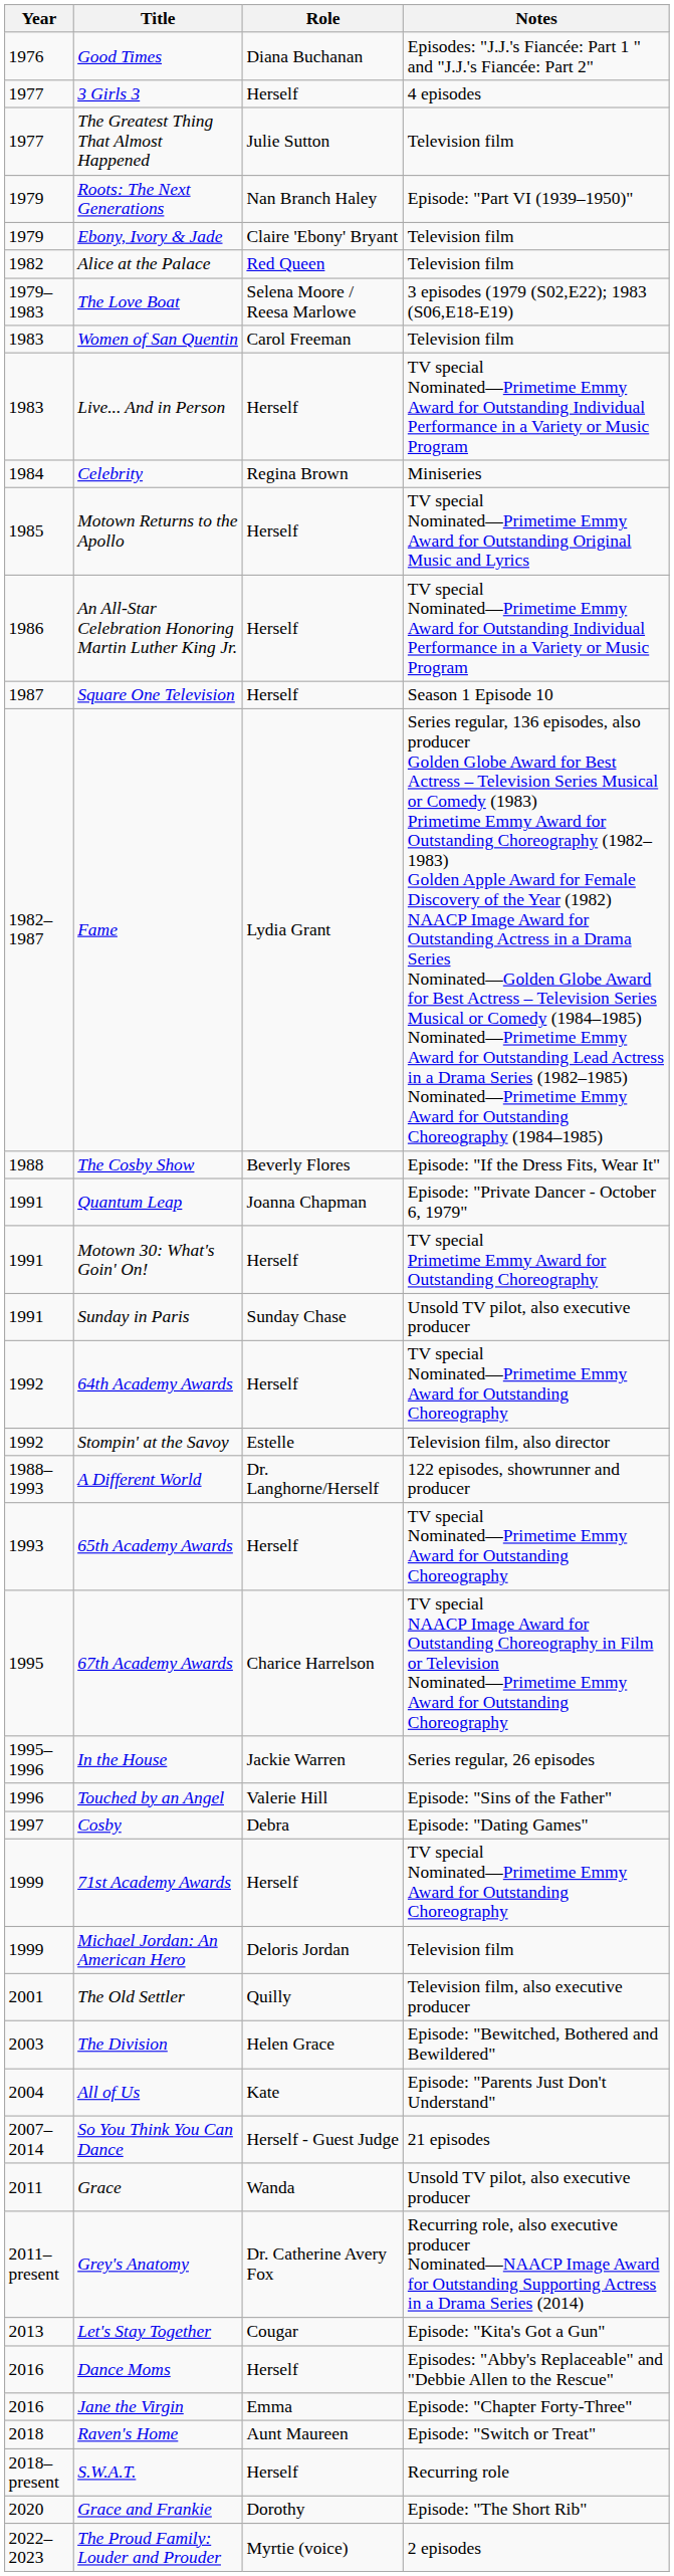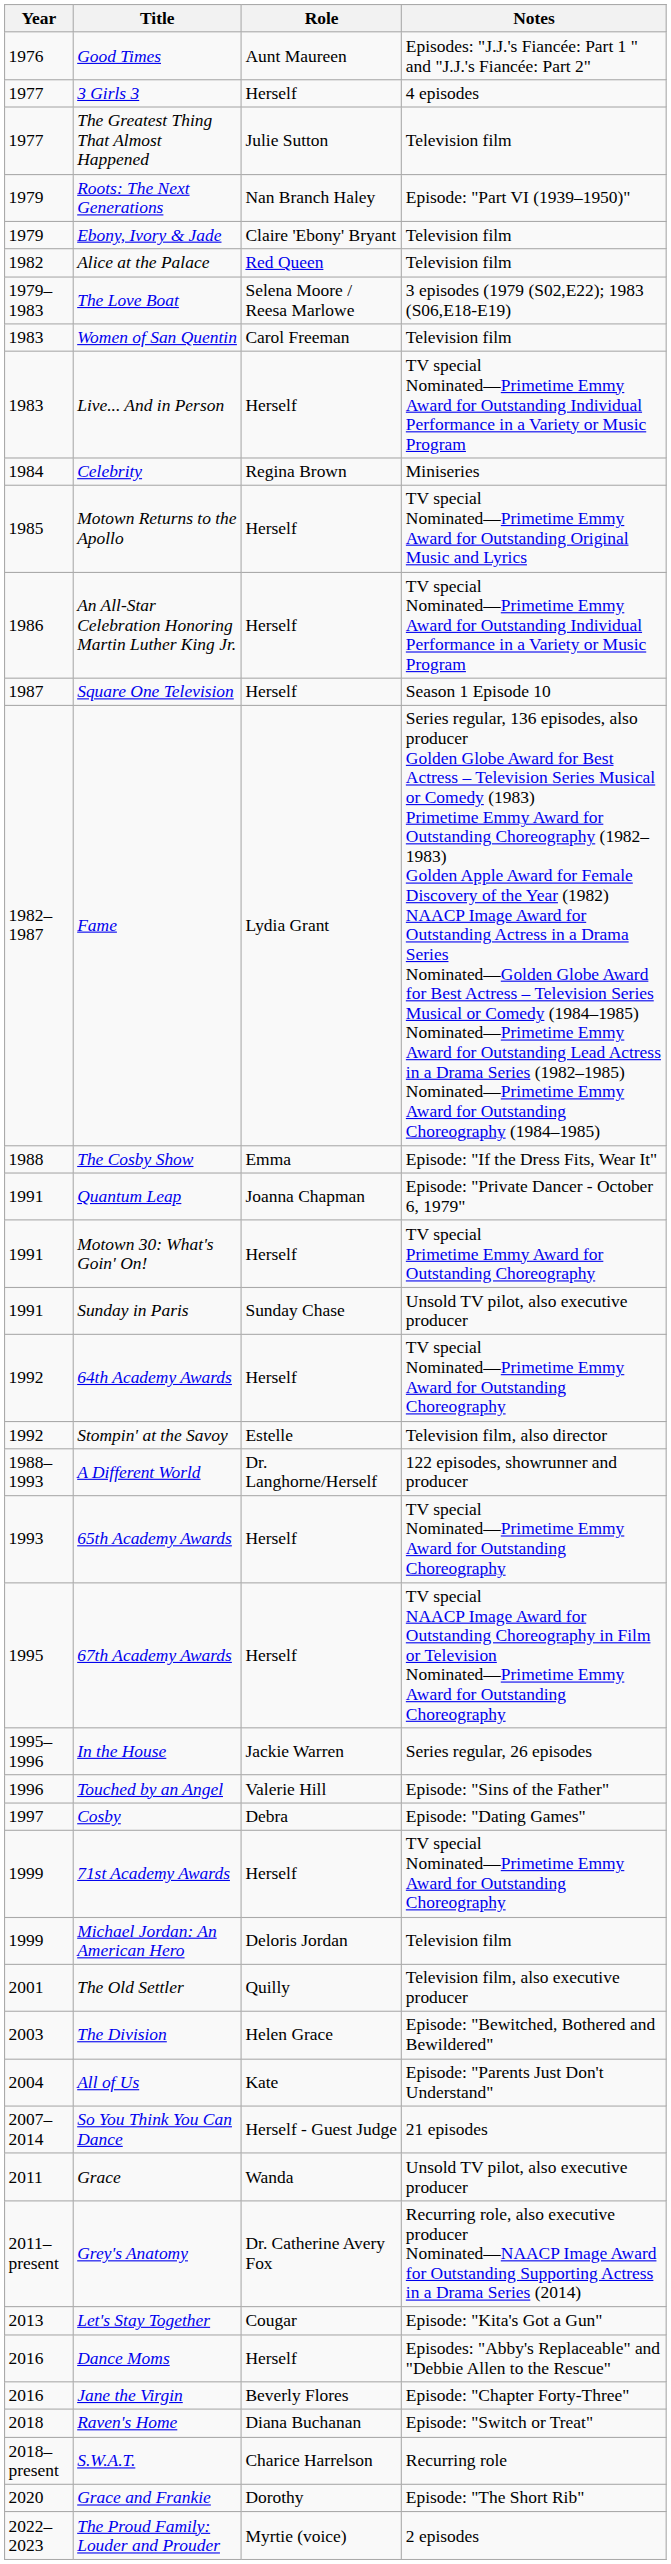 <table class="wikitable sortable">
 <tr>
 <th>Year</th>
 <th>Title</th>
 <th>Role</th>
 <th>Notes</th>
 </tr>
 <tr>
 <td>1976</td>
 <td><em><a href='#'>Good Times</a></em></td>
-<td>Diana Buchanan</td>
+<td>Aunt Maureen</td>
 <td>Episodes: "J.J.'s Fiancée: Part 1 " and "J.J.'s Fiancée: Part 2"</td>
 </tr>
 <tr>
 <td>1977</td>
 <td><em><a href='#'>3 Girls 3</a></em></td>
 <td>Herself</td>
 <td>4 episodes</td>
 </tr>
 <tr>
 <td>1977</td>
 <td><em>The Greatest Thing That Almost Happened</em></td>
 <td>Julie Sutton</td>
 <td>Television film</td>
 </tr>
 <tr>
 <td>1979</td>
 <td><em><a href='#'>Roots: The Next Generations</a></em></td>
 <td>Nan Branch Haley</td>
 <td>Episode: "Part VI (1939–1950)"</td>
 </tr>
 <tr>
 <td>1979</td>
 <td><em><a href='#'>Ebony, Ivory & Jade</a></em></td>
 <td>Claire 'Ebony' Bryant</td>
 <td>Television film</td>
 </tr>
 <tr>
 <td>1982</td>
 <td><em>Alice at the Palace</em></td>
 <td><a href='#'>Red Queen</a></td>
 <td>Television film</td>
 </tr>
 <tr>
 <td>1979–1983</td>
 <td><em><a href='#'>The Love Boat</a></em></td>
 <td>Selena Moore / Reesa Marlowe</td>
 <td>3 episodes (1979 (S02,E22); 1983 (S06,E18-E19)</td>
 </tr>
 <tr>
 <td>1983</td>
 <td><em><a href='#'>Women of San Quentin</a></em></td>
 <td>Carol Freeman</td>
 <td>Television film</td>
 </tr>
 <tr>
 <td>1983</td>
 <td><em>Live... And in Person </em></td>
 <td>Herself</td>
 <td>TV special<br>Nominated—<a href='#'>Primetime Emmy Award for Outstanding Individual Performance in a Variety or Music Program</a></td>
 </tr>
 <tr>
 <td>1984</td>
 <td><em><a href='#'>Celebrity</a></em></td>
 <td>Regina Brown</td>
 <td>Miniseries</td>
 </tr>
 <tr>
 <td>1985</td>
 <td><em>Motown Returns to the Apollo</em></td>
 <td>Herself</td>
 <td>TV special<br>Nominated—<a href='#'>Primetime Emmy Award for Outstanding Original Music and Lyrics</a></td>
 </tr>
 <tr>
 <td>1986</td>
 <td><em>An All-Star Celebration Honoring Martin Luther King Jr.</em></td>
 <td>Herself</td>
 <td>TV special<br>Nominated—<a href='#'>Primetime Emmy Award for Outstanding Individual Performance in a Variety or Music Program</a></td>
 </tr>
 <tr>
 <td>1987</td>
 <td><em><a href='#'>Square One Television</a></em></td>
 <td>Herself</td>
 <td>Season 1 Episode 10</td>
 </tr>
 <tr>
 <td>1982–1987</td>
 <td><em><a href='#'>Fame</a></em></td>
 <td>Lydia Grant</td>
 <td>Series regular, 136 episodes, also producer<br><a href='#'>Golden Globe Award for Best Actress – Television Series Musical or Comedy</a> (1983)<br><a href='#'>Primetime Emmy Award for Outstanding Choreography</a> (1982–1983)<br><a href='#'>Golden Apple Award for Female Discovery of the Year</a> (1982)<br><a href='#'>NAACP Image Award for Outstanding Actress in a Drama Series</a><br>Nominated—<a href='#'>Golden Globe Award for Best Actress – Television Series Musical or Comedy</a> (1984–1985)<br>Nominated—<a href='#'>Primetime Emmy Award for Outstanding Lead Actress in a Drama Series</a> (1982–1985)<br>Nominated—<a href='#'>Primetime Emmy Award for Outstanding Choreography</a> (1984–1985)</td>
 </tr>
 <tr>
 <td>1988</td>
 <td><em><a href='#'>The Cosby Show</a> </em></td>
-<td>Beverly Flores</td>
+<td>Emma</td>
 <td>Episode: "If the Dress Fits, Wear It"</td>
 </tr>
 <tr>
 <td>1991</td>
 <td><em><a href='#'>Quantum Leap</a></em></td>
 <td>Joanna Chapman</td>
 <td>Episode: "Private Dancer - October 6, 1979"</td>
 </tr>
 <tr>
 <td>1991</td>
 <td><em>Motown 30: What's Goin' On!</em></td>
 <td>Herself</td>
 <td>TV special<br><a href='#'>Primetime Emmy Award for Outstanding Choreography</a></td>
 </tr>
 <tr>
 <td>1991</td>
 <td><em>Sunday in Paris</em></td>
 <td>Sunday Chase</td>
 <td>Unsold TV pilot, also executive producer</td>
 </tr>
 <tr>
 <td>1992</td>
 <td><em><a href='#'>64th Academy Awards</a></em></td>
 <td>Herself</td>
 <td>TV special<br>Nominated—<a href='#'>Primetime Emmy Award for Outstanding Choreography</a></td>
 </tr>
 <tr>
 <td>1992</td>
 <td><em>Stompin' at the Savoy</em></td>
 <td>Estelle</td>
 <td>Television film, also director</td>
 </tr>
 <tr>
 <td>1988–1993</td>
 <td><em><a href='#'>A Different World</a></em></td>
 <td>Dr. Langhorne/Herself</td>
 <td>122 episodes, showrunner and producer</td>
 </tr>
 <tr>
 <td>1993</td>
 <td><em><a href='#'>65th Academy Awards</a></em></td>
 <td>Herself</td>
 <td>TV special<br>Nominated—<a href='#'>Primetime Emmy Award for Outstanding Choreography</a></td>
 </tr>
 <tr>
 <td>1995</td>
 <td><em><a href='#'>67th Academy Awards</a></em></td>
-<td>Charice Harrelson</td>
+<td>Herself</td>
 <td>TV special<br><a href='#'>NAACP Image Award for Outstanding Choreography in Film or Television</a><br>Nominated—<a href='#'>Primetime Emmy Award for Outstanding Choreography</a></td>
 </tr>
 <tr>
 <td>1995–1996</td>
 <td><em><a href='#'>In the House</a></em></td>
 <td>Jackie Warren</td>
 <td>Series regular, 26 episodes</td>
 </tr>
 <tr>
 <td>1996</td>
 <td><em><a href='#'>Touched by an Angel</a></em></td>
 <td>Valerie Hill</td>
 <td>Episode: "Sins of the Father"</td>
 </tr>
 <tr>
 <td>1997</td>
 <td><em><a href='#'>Cosby</a></em></td>
 <td>Debra</td>
 <td>Episode: "Dating Games"</td>
 </tr>
 <tr>
 <td>1999</td>
 <td><em><a href='#'>71st Academy Awards</a></em></td>
 <td>Herself</td>
 <td>TV special<br>Nominated—<a href='#'>Primetime Emmy Award for Outstanding Choreography</a></td>
 </tr>
 <tr>
 <td>1999</td>
 <td><em><a href='#'>Michael Jordan: An American Hero</a></em></td>
 <td>Deloris Jordan</td>
 <td>Television film</td>
 </tr>
 <tr>
 <td>2001</td>
 <td><em>The Old Settler</em></td>
 <td>Quilly</td>
 <td>Television film, also executive producer</td>
 </tr>
 <tr>
 <td>2003</td>
 <td><em><a href='#'>The Division</a></em></td>
 <td>Helen Grace</td>
 <td>Episode: "Bewitched, Bothered and Bewildered"</td>
 </tr>
 <tr>
 <td>2004</td>
 <td><em><a href='#'>All of Us</a></em></td>
 <td>Kate</td>
 <td>Episode: "Parents Just Don't Understand"</td>
 </tr>
 <tr>
 <td>2007–2014</td>
 <td><em><a href='#'>So You Think You Can Dance</a></em></td>
 <td>Herself - Guest Judge</td>
 <td>21 episodes</td>
 </tr>
 <tr>
 <td>2011</td>
 <td><em>Grace</em></td>
 <td>Wanda</td>
 <td>Unsold TV pilot, also executive producer</td>
 </tr>
 <tr>
 <td>2011–present</td>
 <td><em><a href='#'>Grey's Anatomy</a></em></td>
 <td>Dr. Catherine Avery Fox</td>
 <td>Recurring role, also executive producer<br>Nominated—<a href='#'>NAACP Image Award for Outstanding Supporting Actress in a Drama Series</a> (2014)</td>
 </tr>
 <tr>
 <td>2013</td>
 <td><em><a href='#'>Let's Stay Together</a></em></td>
 <td>Cougar</td>
 <td>Episode: "Kita's Got a Gun"</td>
 </tr>
 <tr>
 <td>2016</td>
 <td><em><a href='#'>Dance Moms</a></em></td>
 <td>Herself</td>
 <td>Episodes: "Abby's Replaceable" and "Debbie Allen to the Rescue"</td>
 </tr>
 <tr>
 <td>2016</td>
 <td><em><a href='#'>Jane the Virgin</a></em></td>
-<td>Emma</td>
+<td>Beverly Flores</td>
 <td>Episode: "Chapter Forty-Three"</td>
 </tr>
 <tr>
 <td>2018</td>
 <td><em><a href='#'>Raven's Home</a></em></td>
-<td>Aunt Maureen</td>
+<td>Diana Buchanan</td>
 <td>Episode: "Switch or Treat"</td>
 </tr>
 <tr>
 <td>2018–present</td>
 <td><em><a href='#'>S.W.A.T.</a></em></td>
-<td>Herself</td>
+<td>Charice Harrelson</td>
 <td>Recurring role</td>
 </tr>
 <tr>
 <td>2020</td>
 <td><em><a href='#'>Grace and Frankie</a></em></td>
 <td>Dorothy</td>
 <td>Episode: "The Short Rib"</td>
 </tr>
 <tr>
 <td>2022–2023</td>
 <td><em><a href='#'>The Proud Family: Louder and Prouder</a></em></td>
 <td>Myrtie (voice)</td>
 <td>2 episodes</td>
 </tr>
 </table>
